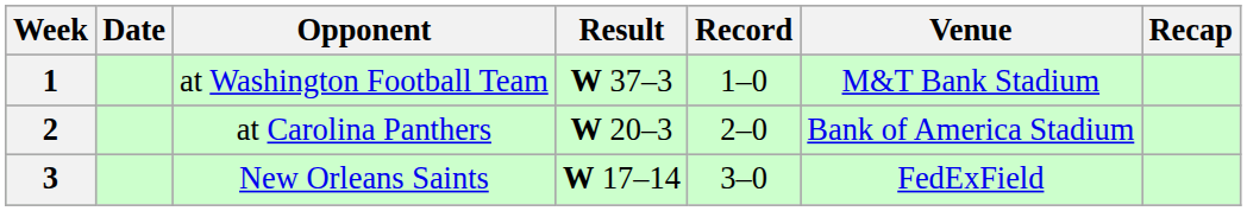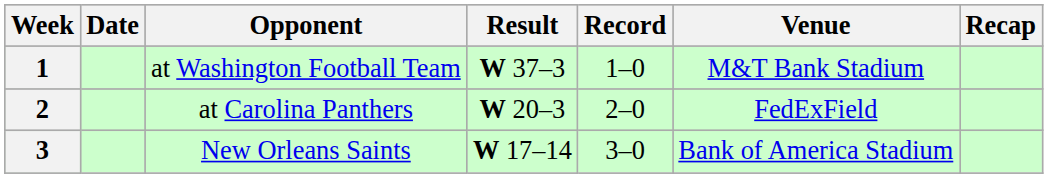 <table class="wikitable" style="text-align:center">
 <tr>
 <th>Week</th>
 <th>Date</th>
 <th>Opponent</th>
 <th>Result</th>
 <th>Record</th>
 <th>Venue</th>
 <th>Recap</th>
 </tr>
 <tr style="background:#cfc">
 <th>1</th>
 <td></td>
 <td>at <a href='#'>Washington Football Team</a></td>
 <td><strong>W</strong> 37–3</td>
 <td>1–0</td>
 <td><a href='#'>M&T Bank Stadium</a></td>
 <td></td>
 </tr>
 <tr style="background:#cfc">
 <th>2</th>
 <td></td>
 <td>at <a href='#'>Carolina Panthers</a></td>
 <td><strong>W</strong> 20–3</td>
 <td>2–0</td>
-<td><a href='#'>Bank of America Stadium</a></td>
+<td><a href='#'>FedExField</a></td>
 <td></td>
 </tr>
 <tr style="background:#cfc">
 <th>3</th>
 <td></td>
 <td><a href='#'>New Orleans Saints</a></td>
 <td><strong>W</strong> 17–14</td>
 <td>3–0</td>
-<td><a href='#'>FedExField</a></td>
+<td><a href='#'>Bank of America Stadium</a></td>
 <td></td>
 </tr>
 </table>
